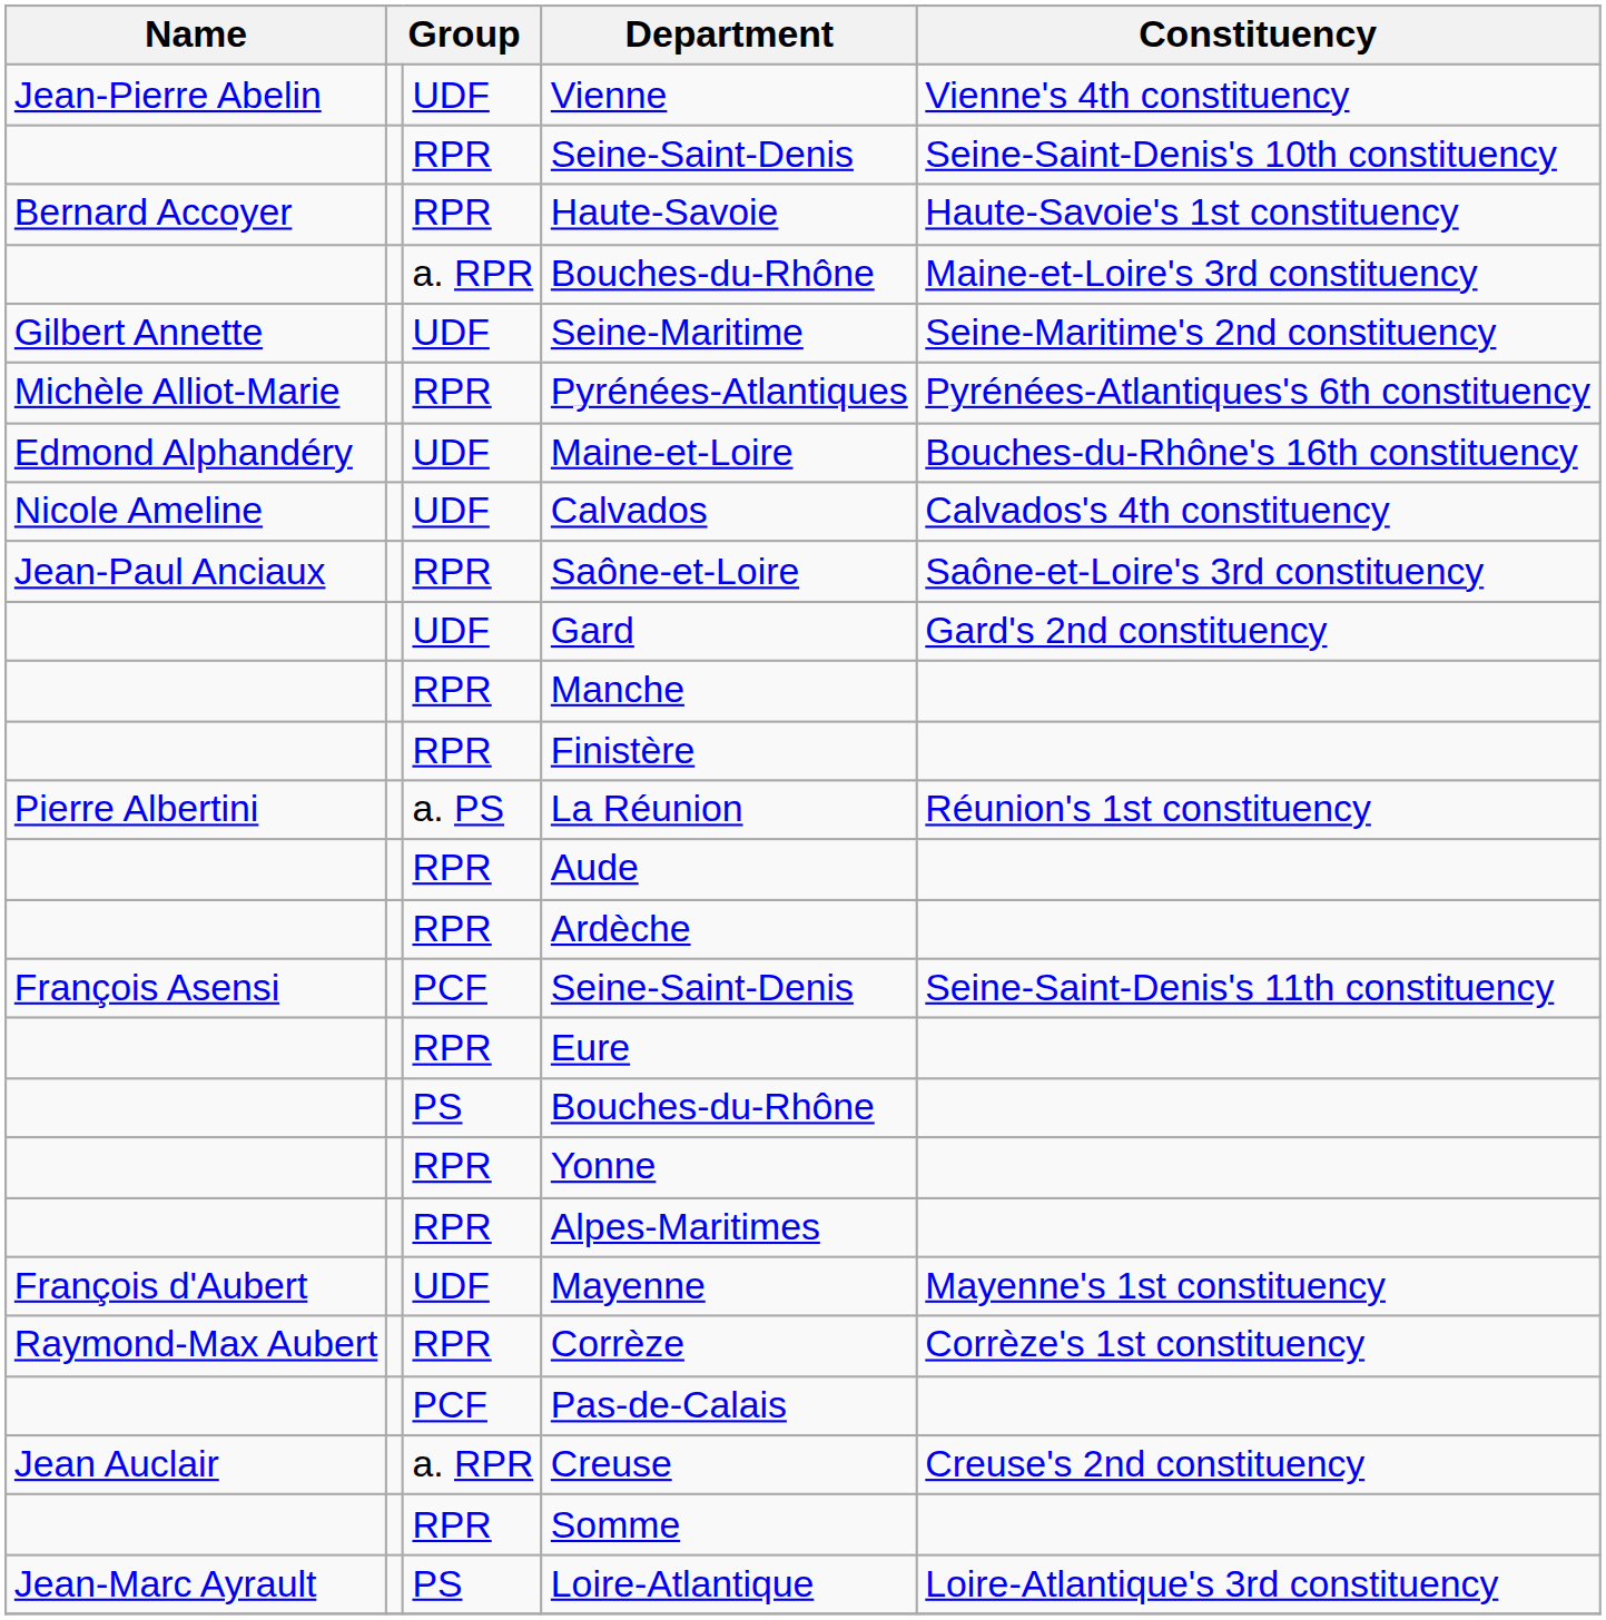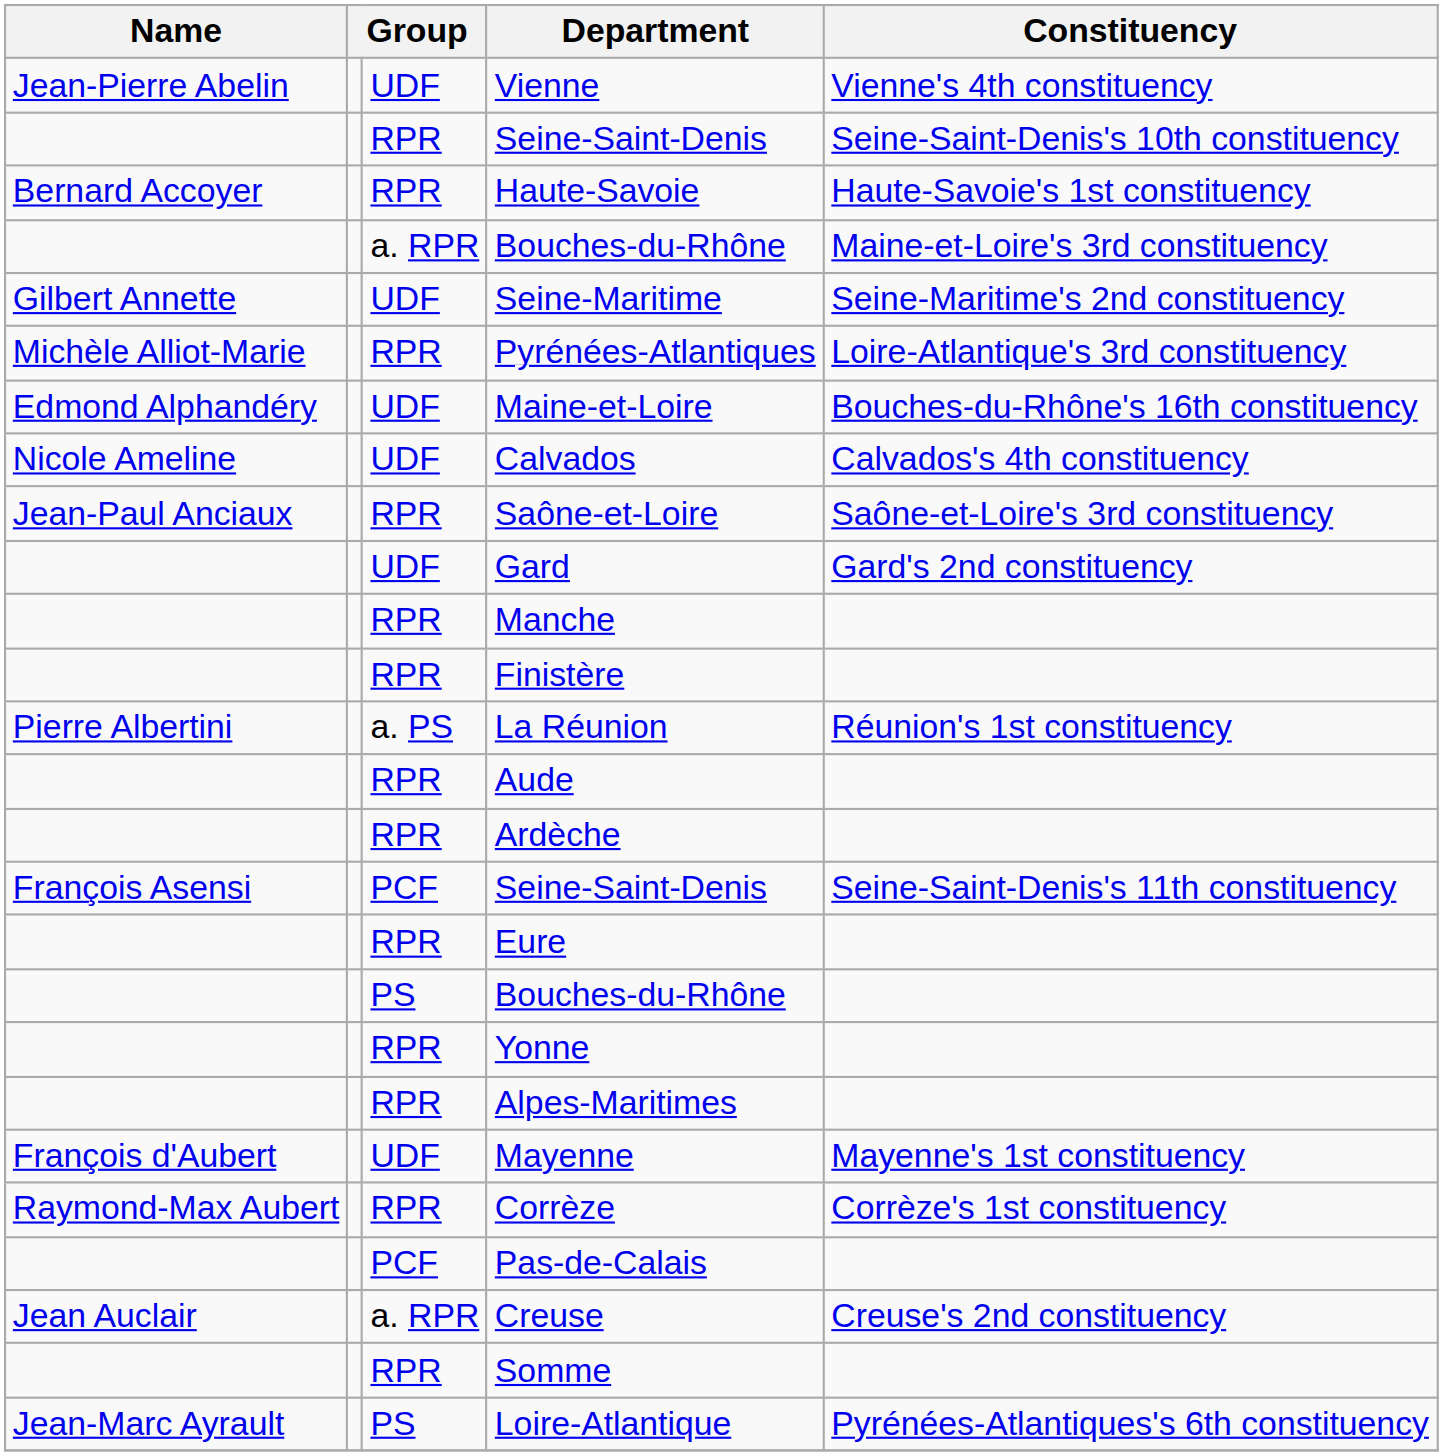 <table class="wikitable alternance">
 <tr>
 <th>Name</th>
 <th colspan="2">Group</th>
 <th>Department</th>
 <th>Constituency</th>
 </tr>
 <tr>
 <td><a href='#'>Jean-Pierre Abelin</a></td>
 <td style="background-color: "></td>
 <td><a href='#'>UDF</a></td>
 <td><a href='#'>Vienne</a></td>
 <td><a href='#'>Vienne's 4th constituency</a></td>
 </tr>
 <tr>
 <td></td>
 <td style="background-color: "></td>
 <td><a href='#'>RPR</a></td>
 <td><a href='#'>Seine-Saint-Denis</a></td>
 <td><a href='#'>Seine-Saint-Denis's 10th constituency</a></td>
 </tr>
 <tr>
 <td><a href='#'>Bernard Accoyer</a></td>
 <td style="background-color: "></td>
 <td><a href='#'>RPR</a></td>
 <td><a href='#'>Haute-Savoie</a></td>
 <td><a href='#'>Haute-Savoie's 1st constituency</a></td>
 </tr>
 <tr>
 <td></td>
 <td style="background-color: "></td>
 <td>a. <a href='#'>RPR</a></td>
 <td><a href='#'>Bouches-du-Rhône</a></td>
 <td><a href='#'>Maine-et-Loire's 3rd constituency</a></td>
 </tr>
 <tr>
 <td><a href='#'>Gilbert Annette</a></td>
 <td style="background-color: "></td>
 <td><a href='#'>UDF</a></td>
 <td><a href='#'>Seine-Maritime</a></td>
 <td><a href='#'>Seine-Maritime's 2nd constituency</a></td>
 </tr>
 <tr>
 <td><a href='#'>Michèle Alliot-Marie</a></td>
 <td style="background-color: "></td>
 <td><a href='#'>RPR</a></td>
 <td><a href='#'>Pyrénées-Atlantiques</a></td>
-<td><a href='#'>Pyrénées-Atlantiques's 6th constituency</a></td>
+<td><a href='#'>Loire-Atlantique's 3rd constituency</a></td>
 </tr>
 <tr>
 <td><a href='#'>Edmond Alphandéry</a></td>
 <td style="background-color: "></td>
 <td><a href='#'>UDF</a></td>
 <td><a href='#'>Maine-et-Loire</a></td>
 <td><a href='#'>Bouches-du-Rhône's 16th constituency</a></td>
 </tr>
 <tr>
 <td><a href='#'>Nicole Ameline</a></td>
 <td style="background-color: "></td>
 <td><a href='#'>UDF</a></td>
 <td><a href='#'>Calvados</a></td>
 <td><a href='#'>Calvados's 4th constituency</a></td>
 </tr>
 <tr>
 <td><a href='#'>Jean-Paul Anciaux</a></td>
 <td style="background-color: "></td>
 <td><a href='#'>RPR</a></td>
 <td><a href='#'>Saône-et-Loire</a></td>
 <td><a href='#'>Saône-et-Loire's 3rd constituency</a></td>
 </tr>
 <tr>
 <td></td>
 <td style="background-color: "></td>
 <td><a href='#'>UDF</a></td>
 <td><a href='#'>Gard</a></td>
 <td><a href='#'>Gard's 2nd constituency</a></td>
 </tr>
 <tr>
 <td></td>
 <td style="background-color: "></td>
 <td><a href='#'>RPR</a></td>
 <td><a href='#'>Manche</a></td>
 <td></td>
 </tr>
 <tr>
 <td></td>
 <td style="background-color: "></td>
 <td><a href='#'>RPR</a></td>
 <td><a href='#'>Finistère</a></td>
 <td></td>
 </tr>
 <tr>
 <td><a href='#'>Pierre Albertini</a></td>
 <td style="background-color: "></td>
 <td>a. <a href='#'>PS</a></td>
 <td><a href='#'>La Réunion</a></td>
 <td><a href='#'>Réunion's 1st constituency</a></td>
 </tr>
 <tr>
 <td></td>
 <td style="background-color: "></td>
 <td><a href='#'>RPR</a></td>
 <td><a href='#'>Aude</a></td>
 <td></td>
 </tr>
 <tr>
 <td></td>
 <td style="background-color: "></td>
 <td><a href='#'>RPR</a></td>
 <td><a href='#'>Ardèche</a></td>
 <td></td>
 </tr>
 <tr>
 <td><a href='#'>François Asensi</a></td>
 <td style="background-color: "></td>
 <td><a href='#'>PCF</a></td>
 <td><a href='#'>Seine-Saint-Denis</a></td>
 <td><a href='#'>Seine-Saint-Denis's 11th constituency</a></td>
 </tr>
 <tr>
 <td></td>
 <td style="background-color: "></td>
 <td><a href='#'>RPR</a></td>
 <td><a href='#'>Eure</a></td>
 <td></td>
 </tr>
 <tr>
 <td></td>
 <td style="background-color: "></td>
 <td><a href='#'>PS</a></td>
 <td><a href='#'>Bouches-du-Rhône</a></td>
 <td></td>
 </tr>
 <tr>
 <td></td>
 <td style="background-color: "></td>
 <td><a href='#'>RPR</a></td>
 <td><a href='#'>Yonne</a></td>
 <td></td>
 </tr>
 <tr>
 <td></td>
 <td style="background-color: "></td>
 <td><a href='#'>RPR</a></td>
 <td><a href='#'>Alpes-Maritimes</a></td>
 <td></td>
 </tr>
 <tr>
 <td><a href='#'>François d'Aubert</a></td>
 <td style="background-color: "></td>
 <td><a href='#'>UDF</a></td>
 <td><a href='#'>Mayenne</a></td>
 <td><a href='#'>Mayenne's 1st constituency</a></td>
 </tr>
 <tr>
 <td><a href='#'>Raymond-Max Aubert</a></td>
 <td style="background-color: "></td>
 <td><a href='#'>RPR</a></td>
 <td><a href='#'>Corrèze</a></td>
 <td><a href='#'>Corrèze's 1st constituency</a></td>
 </tr>
 <tr>
 <td></td>
 <td style="background-color: "></td>
 <td><a href='#'>PCF</a></td>
 <td><a href='#'>Pas-de-Calais</a></td>
 <td></td>
 </tr>
 <tr>
 <td><a href='#'>Jean Auclair</a></td>
 <td style="background-color: "></td>
 <td>a. <a href='#'>RPR</a></td>
 <td><a href='#'>Creuse</a></td>
 <td><a href='#'>Creuse's 2nd constituency</a></td>
 </tr>
 <tr>
 <td></td>
 <td style="background-color: "></td>
 <td><a href='#'>RPR</a></td>
 <td><a href='#'>Somme</a></td>
 <td></td>
 </tr>
 <tr>
 <td><a href='#'>Jean-Marc Ayrault</a></td>
 <td style="background-color: "></td>
 <td><a href='#'>PS</a></td>
 <td><a href='#'>Loire-Atlantique</a></td>
-<td><a href='#'>Loire-Atlantique's 3rd constituency</a></td>
+<td><a href='#'>Pyrénées-Atlantiques's 6th constituency</a></td>
 </tr>
 <tr>
 </tr>
 </table>
